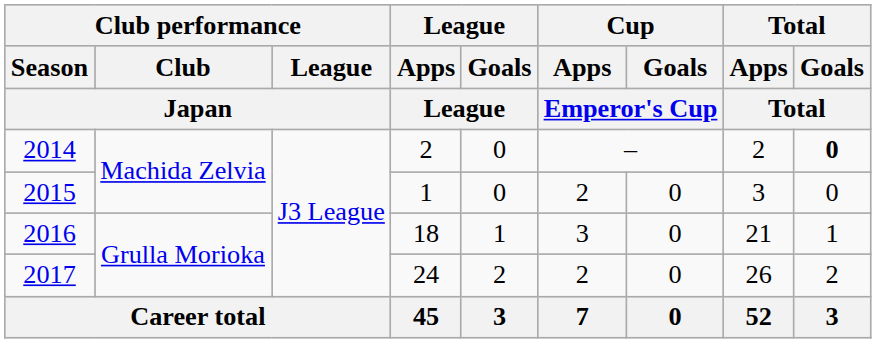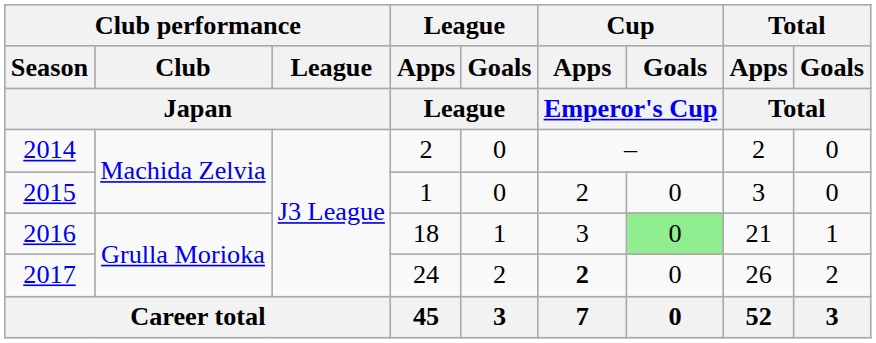 <table class="wikitable" style="text-align:center">
 <tr>
 <th colspan=3>Club performance</th>
 <th colspan=2>League</th>
 <th colspan=2>Cup</th>
 <th colspan=2>Total</th>
 </tr>
 <tr>
 <th>Season</th>
 <th>Club</th>
 <th>League</th>
 <th>Apps</th>
 <th>Goals</th>
 <th>Apps</th>
 <th>Goals</th>
 <th>Apps</th>
 <th>Goals</th>
 </tr>
 <tr>
 <th colspan=3>Japan</th>
 <th colspan=2>League</th>
 <th colspan=2><a href='#'>Emperor's Cup</a></th>
 <th colspan=2>Total</th>
 </tr>
 <tr>
 <td><a href='#'>2014</a></td>
 <td rowspan="2"><a href='#'>Machida Zelvia</a></td>
 <td rowspan="4"><a href='#'>J3 League</a></td>
 <td>2</td>
 <td>0</td>
 <td colspan="2">–</td>
 <td>2</td>
-<td><strong>0</strong></td>
+<td>0</td>
 </tr>
 <tr>
 <td><a href='#'>2015</a></td>
 <td>1</td>
 <td>0</td>
 <td>2</td>
 <td>0</td>
 <td>3</td>
 <td>0</td>
 </tr>
 <tr>
 <td><a href='#'>2016</a></td>
 <td rowspan="2"><a href='#'>Grulla Morioka</a></td>
 <td>18</td>
 <td>1</td>
 <td>3</td>
-<td>0</td>
+<td style="background: lightgreen;">0</td>
 <td>21</td>
 <td>1</td>
 </tr>
 <tr>
 <td><a href='#'>2017</a></td>
 <td>24</td>
 <td>2</td>
-<td>2</td>
+<td><strong>2</strong></td>
 <td>0</td>
 <td>26</td>
 <td>2</td>
 </tr>
 <tr>
 <th colspan=3>Career total</th>
 <th>45</th>
 <th>3</th>
 <th>7</th>
 <th>0</th>
 <th>52</th>
 <th>3</th>
 </tr>
 </table>
